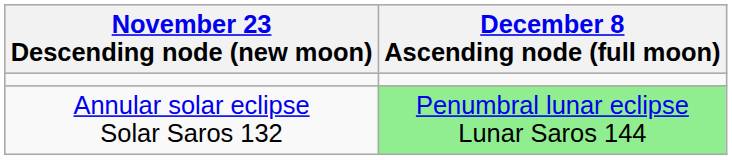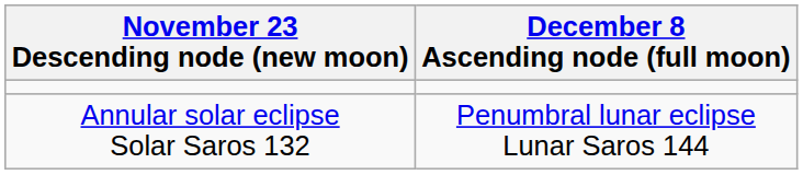 <table class="wikitable">
 <tr>
 <th><a href='#'>November 23</a><br>Descending node (new moon)<br></th>
 <th><a href='#'>December 8</a><br>Ascending node (full moon)</th>
 </tr>
 <tr>
 <td></td>
 <td></td>
 </tr>
 <tr align=center>
 <td><a href='#'>Annular solar eclipse</a><br>Solar Saros 132</td>
-<td style="background: lightgreen;"><a href='#'>Penumbral lunar eclipse</a><br>Lunar Saros 144</td>
+<td><a href='#'>Penumbral lunar eclipse</a><br>Lunar Saros 144</td>
 </tr>
 </table>
